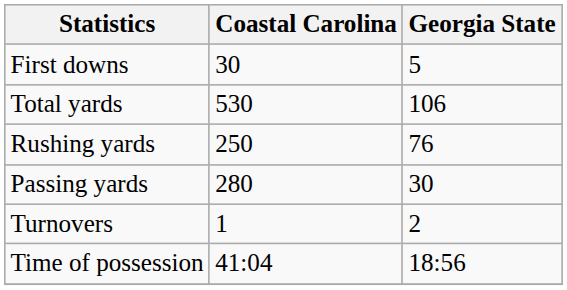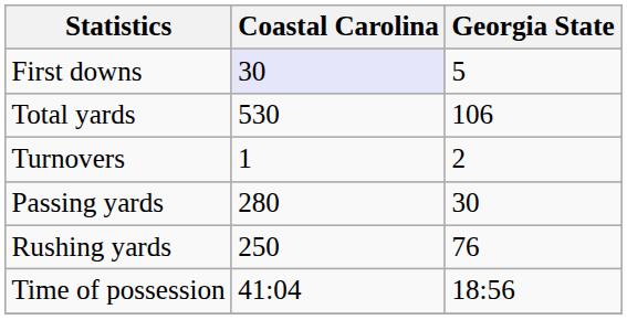 <table class="wikitable">
 <tr>
 <th>Statistics</th>
 <th>Coastal Carolina</th>
 <th>Georgia State</th>
 </tr>
 <tr>
 <td>First downs</td>
-<td>30</td>
+<td style="background: lavender;">30</td>
 <td>5</td>
 </tr>
 <tr>
 <td>Total yards</td>
 <td>530</td>
 <td>106</td>
 </tr>
 <tr>
-<td>Rushing yards</td>
-<td>250</td>
-<td>76</td>
+<td>Turnovers</td>
+<td>1</td>
+<td>2</td>
 </tr>
 <tr>
 <td>Passing yards</td>
 <td>280</td>
 <td>30</td>
 </tr>
 <tr>
-<td>Turnovers</td>
-<td>1</td>
-<td>2</td>
+<td>Rushing yards</td>
+<td>250</td>
+<td>76</td>
 </tr>
 <tr>
 <td>Time of possession</td>
 <td>41:04</td>
 <td>18:56</td>
 </tr>
 <tr>
 </tr>
 </table>
